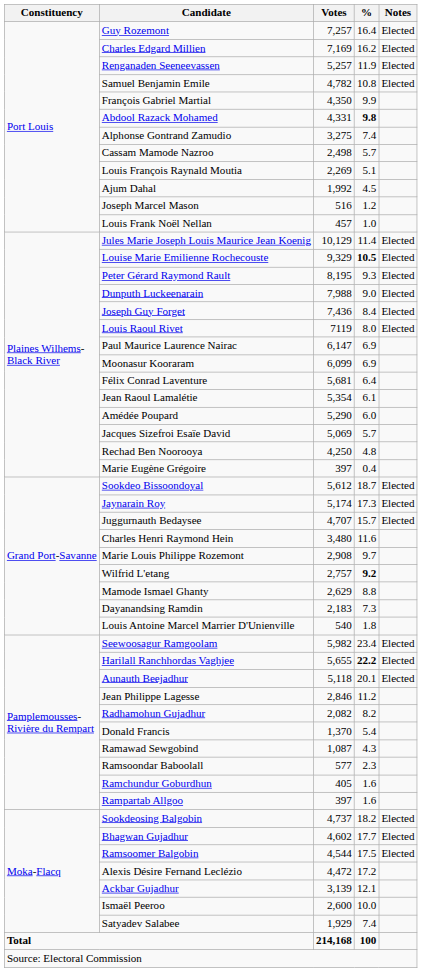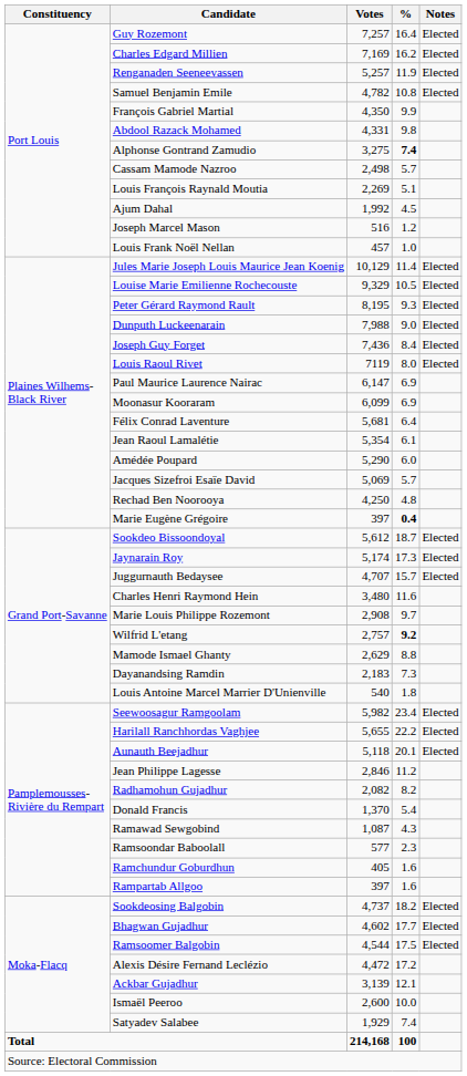 <table class=wikitable style=text-align:right>
 <tr>
 <th>Constituency</th>
 <th>Candidate</th>
 <th>Votes</th>
 <th>%</th>
 <th>Notes</th>
 </tr>
 <tr>
 <td align=left rowspan=12><a href='#'>Port Louis</a></td>
 <td align=left><a href='#'>Guy Rozemont</a></td>
 <td>7,257</td>
 <td>16.4</td>
 <td align=left>Elected</td>
 </tr>
 <tr>
 <td align=left><a href='#'>Charles Edgard Millien</a></td>
 <td>7,169</td>
 <td>16.2</td>
 <td align=left>Elected</td>
 </tr>
 <tr>
 <td align=left><a href='#'>Renganaden Seeneevassen</a></td>
 <td>5,257</td>
 <td>11.9</td>
 <td align=left>Elected</td>
 </tr>
 <tr>
 <td align=left>Samuel Benjamin Emile</td>
 <td>4,782</td>
 <td>10.8</td>
 <td align=left>Elected</td>
 </tr>
 <tr>
 <td align=left>François Gabriel Martial</td>
 <td>4,350</td>
 <td>9.9</td>
 <td></td>
 </tr>
 <tr>
 <td align=left><a href='#'>Abdool Razack Mohamed</a></td>
 <td>4,331</td>
-<td><strong>9.8</strong></td>
+<td>9.8</td>
 <td></td>
 </tr>
 <tr>
 <td align=left>Alphonse Gontrand Zamudio</td>
 <td>3,275</td>
-<td>7.4</td>
+<td><strong>7.4</strong></td>
 <td></td>
 </tr>
 <tr>
 <td align=left>Cassam Mamode Nazroo</td>
 <td>2,498</td>
 <td>5.7</td>
 <td></td>
 </tr>
 <tr>
 <td align=left>Louis François Raynald Moutia</td>
 <td>2,269</td>
 <td>5.1</td>
 <td></td>
 </tr>
 <tr>
 <td align=left>Ajum Dahal</td>
 <td>1,992</td>
 <td>4.5</td>
 <td></td>
 </tr>
 <tr>
 <td align=left>Joseph Marcel Mason</td>
 <td>516</td>
 <td>1.2</td>
 <td></td>
 </tr>
 <tr>
 <td align=left>Louis Frank Noël Nellan</td>
 <td>457</td>
 <td>1.0</td>
 <td></td>
 </tr>
 <tr>
 <td align=left rowspan=14><a href='#'>Plaines Wilhems</a>-<br><a href='#'>Black River</a></td>
 <td align=left><a href='#'>Jules Marie Joseph Louis Maurice Jean Koenig</a></td>
 <td>10,129</td>
 <td>11.4</td>
 <td align=left>Elected</td>
 </tr>
 <tr>
 <td align=left><a href='#'>Louise Marie Emilienne Rochecouste</a></td>
 <td>9,329</td>
-<td><strong>10.5</strong></td>
+<td>10.5</td>
 <td align=left>Elected</td>
 </tr>
 <tr>
 <td align=left><a href='#'>Peter Gérard Raymond Rault</a></td>
 <td>8,195</td>
 <td>9.3</td>
 <td align=left>Elected</td>
 </tr>
 <tr>
 <td align=left><a href='#'>Dunputh Luckeenarain</a></td>
 <td>7,988</td>
 <td>9.0</td>
 <td align=left>Elected</td>
 </tr>
 <tr>
 <td align=left><a href='#'>Joseph Guy Forget</a></td>
 <td>7,436</td>
 <td>8.4</td>
 <td align=left>Elected</td>
 </tr>
 <tr>
 <td align=left><a href='#'>Louis Raoul Rivet</a></td>
 <td>7119</td>
 <td>8.0</td>
 <td align=left>Elected</td>
 </tr>
 <tr>
 <td align=left>Paul Maurice Laurence Nairac</td>
 <td>6,147</td>
 <td>6.9</td>
 <td></td>
 </tr>
 <tr>
 <td align=left>Moonasur Kooraram</td>
 <td>6,099</td>
 <td>6.9</td>
 <td></td>
 </tr>
 <tr>
 <td align=left>Félix Conrad Laventure</td>
 <td>5,681</td>
 <td>6.4</td>
 <td></td>
 </tr>
 <tr>
 <td align=left>Jean Raoul Lamalétie</td>
 <td>5,354</td>
 <td>6.1</td>
 <td></td>
 </tr>
 <tr>
 <td align=left>Amédée Poupard</td>
 <td>5,290</td>
 <td>6.0</td>
 <td></td>
 </tr>
 <tr>
 <td align=left>Jacques Sizefroi Esaïe David</td>
 <td>5,069</td>
 <td>5.7</td>
 <td></td>
 </tr>
 <tr>
 <td align=left>Rechad Ben Noorooya</td>
 <td>4,250</td>
 <td>4.8</td>
 <td></td>
 </tr>
 <tr>
 <td align=left>Marie Eugène Grégoire</td>
 <td>397</td>
-<td>0.4</td>
+<td><strong>0.4</strong></td>
 <td></td>
 </tr>
 <tr>
 <td align=left rowspan=9><a href='#'>Grand Port</a>-<a href='#'>Savanne</a></td>
 <td align=left><a href='#'>Sookdeo Bissoondoyal</a></td>
 <td>5,612</td>
 <td>18.7</td>
 <td align=left>Elected</td>
 </tr>
 <tr>
 <td align=left><a href='#'>Jaynarain Roy</a></td>
 <td>5,174</td>
 <td>17.3</td>
 <td align=left>Elected</td>
 </tr>
 <tr>
 <td align=left>Juggurnauth Bedaysee</td>
 <td>4,707</td>
 <td>15.7</td>
 <td align=left>Elected</td>
 </tr>
 <tr>
 <td align=left>Charles Henri Raymond Hein</td>
 <td>3,480</td>
 <td>11.6</td>
 <td></td>
 </tr>
 <tr>
 <td align=left>Marie Louis Philippe Rozemont</td>
 <td>2,908</td>
 <td>9.7</td>
 <td></td>
 </tr>
 <tr>
 <td align=left>Wilfrid L'etang</td>
 <td>2,757</td>
 <td><strong>9.2</strong></td>
 <td></td>
 </tr>
 <tr>
 <td align=left>Mamode Ismael Ghanty</td>
 <td>2,629</td>
 <td>8.8</td>
 <td></td>
 </tr>
 <tr>
 <td align=left>Dayanandsing Ramdin</td>
 <td>2,183</td>
 <td>7.3</td>
 <td></td>
 </tr>
 <tr>
 <td align=left>Louis Antoine Marcel Marrier D'Unienville</td>
 <td>540</td>
 <td>1.8</td>
 <td></td>
 </tr>
 <tr>
 <td align=left rowspan=10><a href='#'>Pamplemousses</a>-<br><a href='#'>Rivière du Rempart</a></td>
 <td align=left><a href='#'>Seewoosagur Ramgoolam</a></td>
 <td>5,982</td>
 <td>23.4</td>
 <td align=left>Elected</td>
 </tr>
 <tr>
 <td align=left><a href='#'>Harilall Ranchhordas Vaghjee</a></td>
 <td>5,655</td>
-<td><strong>22.2</strong></td>
+<td>22.2</td>
 <td align=left>Elected</td>
 </tr>
 <tr>
 <td align=left><a href='#'>Aunauth Beejadhur</a></td>
 <td>5,118</td>
 <td>20.1</td>
 <td align=left>Elected</td>
 </tr>
 <tr>
 <td align=left>Jean Philippe Lagesse</td>
 <td>2,846</td>
 <td>11.2</td>
 <td></td>
 </tr>
 <tr>
 <td align=left><a href='#'>Radhamohun Gujadhur</a></td>
 <td>2,082</td>
 <td>8.2</td>
 <td></td>
 </tr>
 <tr>
 <td align=left>Donald Francis</td>
 <td>1,370</td>
 <td>5.4</td>
 <td></td>
 </tr>
 <tr>
 <td align=left>Ramawad Sewgobind</td>
 <td>1,087</td>
 <td>4.3</td>
 <td></td>
 </tr>
 <tr>
 <td align=left>Ramsoondar Baboolall</td>
 <td>577</td>
 <td>2.3</td>
 <td></td>
 </tr>
 <tr>
 <td align=left><a href='#'>Ramchundur Goburdhun</a></td>
 <td>405</td>
 <td>1.6</td>
 <td></td>
 </tr>
 <tr>
 <td align=left><a href='#'>Rampartab Allgoo</a></td>
 <td>397</td>
 <td>1.6</td>
 <td></td>
 </tr>
 <tr>
 <td align=left rowspan=7><a href='#'>Moka</a>-<a href='#'>Flacq</a></td>
 <td align=left><a href='#'>Sookdeosing Balgobin</a></td>
 <td>4,737</td>
 <td>18.2</td>
 <td align=left>Elected</td>
 </tr>
 <tr>
 <td align=left><a href='#'>Bhagwan Gujadhur</a></td>
 <td>4,602</td>
 <td>17.7</td>
 <td align=left>Elected</td>
 </tr>
 <tr>
 <td align=left><a href='#'>Ramsoomer Balgobin</a></td>
 <td>4,544</td>
 <td>17.5</td>
 <td align=left>Elected</td>
 </tr>
 <tr>
 <td align=left>Alexis Désire Fernand Leclézio</td>
 <td>4,472</td>
 <td>17.2</td>
 <td></td>
 </tr>
 <tr>
 <td align=left><a href='#'>Ackbar Gujadhur</a></td>
 <td>3,139</td>
 <td>12.1</td>
 <td></td>
 </tr>
 <tr>
 <td align=left>Ismaël Peeroo</td>
 <td>2,600</td>
 <td>10.0</td>
 <td></td>
 </tr>
 <tr>
 <td align=left>Satyadev Salabee</td>
 <td>1,929</td>
 <td>7.4</td>
 <td></td>
 </tr>
 <tr>
 <td align=left colspan=2><strong>Total</strong></td>
 <td><strong>214,168</strong></td>
 <td><strong>100</strong></td>
 <td></td>
 </tr>
 <tr>
 <td align=left colspan=5>Source: Electoral Commission</td>
 </tr>
 </table>
